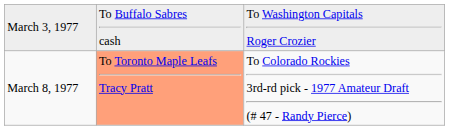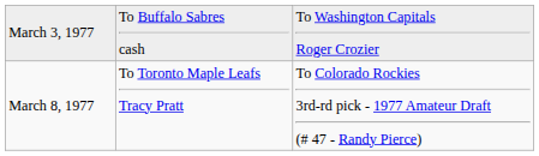 <table class="wikitable" style="border:1px solid #999; width:580px;">
 <tr style="background:#eee;">
 <td>March 3, 1977</td>
 <td valign="top">To <a href='#'>Buffalo Sabres</a><hr>cash</td>
 <td valign="top">To <a href='#'>Washington Capitals</a><hr><a href='#'>Roger Crozier</a></td>
 </tr>
 <tr>
 <td>March 8, 1977</td>
-<td valign="top" style="background: lightsalmon;">To <a href='#'>Toronto Maple Leafs</a><hr><a href='#'>Tracy Pratt</a></td>
+<td valign="top">To <a href='#'>Toronto Maple Leafs</a><hr><a href='#'>Tracy Pratt</a></td>
 <td valign="top">To <a href='#'>Colorado Rockies</a><hr>3rd-rd pick - <a href='#'>1977 Amateur Draft</a><hr>(# 47 - <a href='#'>Randy Pierce</a>)</td>
 </tr>
 </table>
